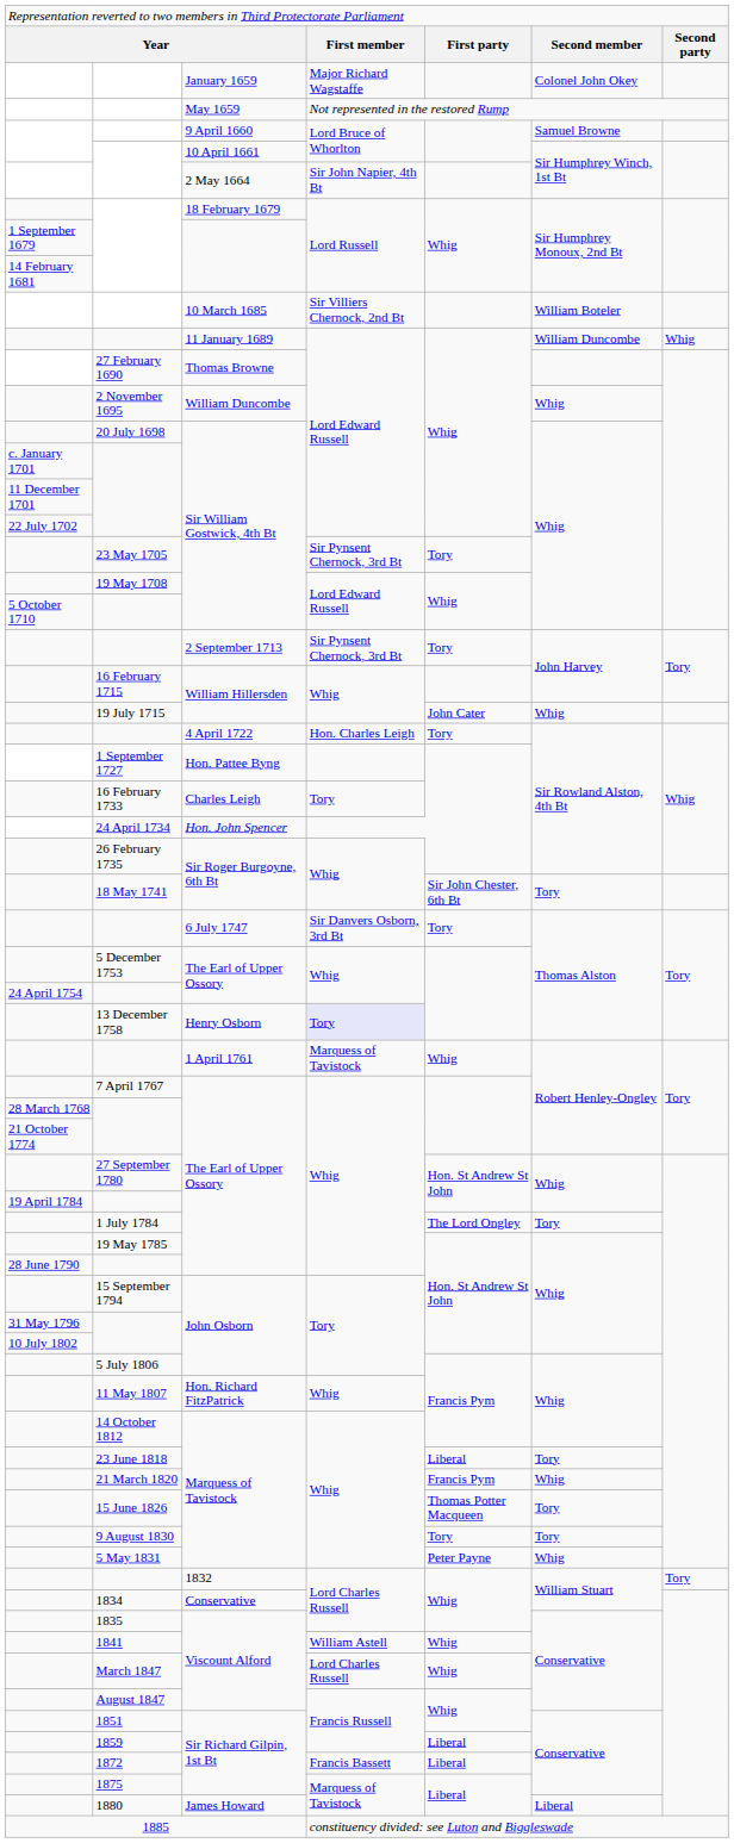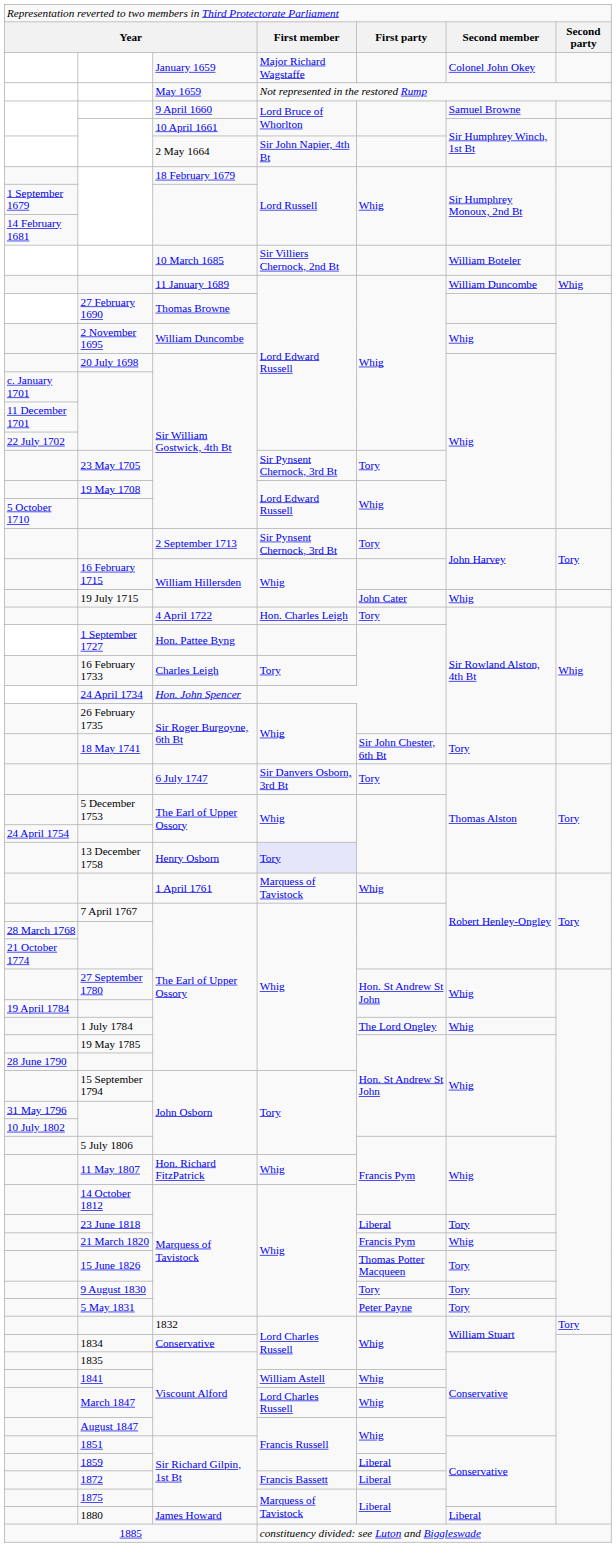 <table | class="wikitable">
 <tr>
 <td colspan="7"><em>Representation reverted to two members in <a href='#'>Third Protectorate Parliament</a></em></td>
 </tr>
 <tr>
 <th colspan="3">Year</th>
 <th>First member</th>
 <th>First party</th>
 <th>Second member</th>
 <th>Second party</th>
 </tr>
 <tr>
 <td style="color:inherit;background-color: white"></td>
 <td style="color:inherit;background-color: white"></td>
 <td><a href='#'>January 1659</a></td>
 <td><a href='#'>Major Richard Wagstaffe</a></td>
 <td></td>
 <td><a href='#'>Colonel John Okey</a></td>
 <td></td>
 </tr>
 <tr>
 <td style="color:inherit;background-color: white"></td>
 <td style="color:inherit;background-color: white"></td>
 <td><a href='#'>May 1659</a></td>
 <td colspan="4"><em>Not represented in the restored <a href='#'>Rump</a></em></td>
 </tr>
 <tr>
 <td style="color:inherit;background-color: white" rowspan="2"></td>
 <td style="color:inherit;background-color: white"></td>
 <td><a href='#'>9 April 1660</a></td>
 <td rowspan="2"><a href='#'>Lord Bruce of Whorlton</a></td>
 <td rowspan="2"></td>
 <td><a href='#'>Samuel Browne</a></td>
 <td></td>
 </tr>
 <tr>
 <td style="color:inherit;background-color: white" rowspan="2"></td>
 <td><a href='#'>10 April 1661</a></td>
 <td rowspan="2"><a href='#'>Sir Humphrey Winch, 1st Bt</a></td>
 <td rowspan="2"></td>
 </tr>
 <tr>
 <td style="color:inherit;background-color: white"></td>
 <td>2 May 1664</td>
 <td><a href='#'>Sir John Napier, 4th Bt</a></td>
 <td></td>
 </tr>
 <tr>
 <td style="color:inherit;background-color: "></td>
 <td style="color:inherit;background-color: white" rowspan="3"></td>
 <td><a href='#'>18 February 1679</a></td>
 <td rowspan="3"><a href='#'>Lord Russell</a></td>
 <td rowspan="3"><a href='#'>Whig</a></td>
 <td rowspan="3"><a href='#'>Sir Humphrey Monoux, 2nd Bt</a></td>
 <td rowspan="3"></td>
 </tr>
 <tr>
 <td><a href='#'>1 September 1679</a></td>
 </tr>
 <tr>
 <td><a href='#'>14 February 1681</a></td>
 </tr>
 <tr>
 <td style="color:inherit;background-color: white"></td>
 <td style="color:inherit;background-color: white"></td>
 <td><a href='#'>10 March 1685</a></td>
 <td><a href='#'>Sir Villiers Chernock, 2nd Bt</a></td>
 <td></td>
 <td><a href='#'>William Boteler</a></td>
 <td></td>
 </tr>
 <tr>
 <td style="color:inherit;background-color: "></td>
 <td style="color:inherit;background-color: "></td>
 <td><a href='#'>11 January 1689</a></td>
 <td rowspan="7"><a href='#'>Lord Edward Russell</a></td>
 <td rowspan="7"><a href='#'>Whig</a></td>
 <td><a href='#'>William Duncombe</a></td>
 <td><a href='#'>Whig</a></td>
 </tr>
 <tr>
 <td style="color:inherit;background-color: white"></td>
 <td><a href='#'>27 February 1690</a></td>
 <td><a href='#'>Thomas Browne</a></td>
 <td></td>
 </tr>
 <tr>
 <td style="color:inherit;background-color: "></td>
 <td><a href='#'>2 November 1695</a></td>
 <td><a href='#'>William Duncombe</a></td>
 <td><a href='#'>Whig</a></td>
 </tr>
 <tr>
 <td style="color:inherit;background-color: "></td>
 <td><a href='#'>20 July 1698</a></td>
 <td rowspan="7"><a href='#'>Sir William Gostwick, 4th Bt</a></td>
 <td rowspan="7"><a href='#'>Whig</a></td>
 </tr>
 <tr>
 <td><a href='#'>c. January 1701</a></td>
 </tr>
 <tr>
 <td><a href='#'>11 December 1701</a></td>
 </tr>
 <tr>
 <td><a href='#'>22 July 1702</a></td>
 </tr>
 <tr>
 <td style="color:inherit;background-color: "></td>
 <td><a href='#'>23 May 1705</a></td>
 <td><a href='#'>Sir Pynsent Chernock, 3rd Bt</a></td>
 <td><a href='#'>Tory</a></td>
 </tr>
 <tr>
 <td style="color:inherit;background-color: "></td>
 <td><a href='#'>19 May 1708</a></td>
 <td rowspan="2"><a href='#'>Lord Edward Russell</a></td>
 <td rowspan="2"><a href='#'>Whig</a></td>
 </tr>
 <tr>
 <td><a href='#'>5 October 1710</a></td>
 </tr>
 <tr>
 <td style="color:inherit;background-color: "></td>
 <td style="color:inherit;background-color: "></td>
 <td><a href='#'>2 September 1713</a></td>
 <td><a href='#'>Sir Pynsent Chernock, 3rd Bt</a></td>
 <td><a href='#'>Tory</a></td>
 <td rowspan="2"><a href='#'>John Harvey</a></td>
 <td rowspan="2"><a href='#'>Tory</a></td>
 </tr>
 <tr>
 <td style="color:inherit;background-color: "></td>
 <td><a href='#'>16 February 1715</a></td>
 <td rowspan="2"><a href='#'>William Hillersden</a></td>
 <td rowspan="2"><a href='#'>Whig</a></td>
 </tr>
 <tr>
 <td style="color:inherit;background-color: "></td>
 <td>19 July 1715</td>
 <td><a href='#'>John Cater</a></td>
 <td><a href='#'>Whig</a></td>
 </tr>
 <tr>
 <td style="color:inherit;background-color: "></td>
 <td style="color:inherit;background-color: "></td>
 <td><a href='#'>4 April 1722</a></td>
 <td><a href='#'>Hon. Charles Leigh</a></td>
 <td><a href='#'>Tory</a></td>
 <td rowspan="5"><a href='#'>Sir Rowland Alston, 4th Bt</a></td>
 <td rowspan="5"><a href='#'>Whig</a></td>
 </tr>
 <tr>
 <td style="color:inherit;background-color: white"></td>
 <td><a href='#'>1 September 1727</a></td>
 <td><a href='#'>Hon. Pattee Byng</a></td>
 <td></td>
 </tr>
 <tr>
 <td style="color:inherit;background-color: "></td>
 <td>16 February 1733</td>
 <td><a href='#'>Charles Leigh</a></td>
 <td><a href='#'>Tory</a></td>
 </tr>
 <tr>
 <td style="color:inherit;background-color: white"></td>
 <td><a href='#'>24 April 1734</a></td>
 <td><em><a href='#'>Hon. John Spencer</a></em></td>
 </tr>
 <tr>
 <td style="color:inherit;background-color: "></td>
 <td>26 February 1735</td>
 <td rowspan="2"><a href='#'>Sir Roger Burgoyne, 6th Bt</a></td>
 <td rowspan="2"><a href='#'>Whig</a></td>
 </tr>
 <tr>
 <td style="color:inherit;background-color: "></td>
 <td><a href='#'>18 May 1741</a></td>
 <td><a href='#'>Sir John Chester, 6th Bt</a></td>
 <td><a href='#'>Tory</a></td>
 </tr>
 <tr>
 <td style="color:inherit;background-color: "></td>
 <td style="color:inherit;background-color: "></td>
 <td><a href='#'>6 July 1747</a></td>
 <td><a href='#'>Sir Danvers Osborn, 3rd Bt</a></td>
 <td><a href='#'>Tory</a></td>
 <td rowspan="4"><a href='#'>Thomas Alston</a></td>
 <td rowspan="4"><a href='#'>Tory</a></td>
 </tr>
 <tr>
 <td style="color:inherit;background-color: "></td>
 <td>5 December 1753</td>
 <td rowspan="2"><a href='#'>The Earl of Upper Ossory</a></td>
 <td rowspan="2"><a href='#'>Whig</a></td>
 </tr>
 <tr>
 <td><a href='#'>24 April 1754</a></td>
 </tr>
 <tr>
 <td style="color:inherit;background-color: "></td>
 <td>13 December 1758</td>
 <td><a href='#'>Henry Osborn</a></td>
 <td style="background: lavender;"><a href='#'>Tory</a></td>
 </tr>
 <tr>
 <td style="color:inherit;background-color: "></td>
 <td style="color:inherit;background-color: "></td>
 <td><a href='#'>1 April 1761</a></td>
 <td><a href='#'>Marquess of Tavistock</a></td>
 <td><a href='#'>Whig</a></td>
 <td rowspan="4"><a href='#'>Robert Henley-Ongley</a></td>
 <td rowspan="4"><a href='#'>Tory</a></td>
 </tr>
 <tr>
 <td style="color:inherit;background-color: "></td>
 <td>7 April 1767</td>
 <td rowspan="8"><a href='#'>The Earl of Upper Ossory</a></td>
 <td rowspan="8"><a href='#'>Whig</a></td>
 </tr>
 <tr>
 <td><a href='#'>28 March 1768</a></td>
 </tr>
 <tr>
 <td><a href='#'>21 October 1774</a></td>
 </tr>
 <tr>
 <td style="color:inherit;background-color: "></td>
 <td><a href='#'>27 September 1780</a></td>
 <td rowspan="2"><a href='#'>Hon. St Andrew St John</a></td>
 <td rowspan="2"><a href='#'>Whig</a></td>
 </tr>
 <tr>
 <td><a href='#'>19 April 1784</a></td>
 </tr>
 <tr>
 <td style="color:inherit;background-color: "></td>
 <td>1 July 1784</td>
 <td><a href='#'>The Lord Ongley</a></td>
-<td><a href='#'>Tory</a></td>
+<td><a href='#'>Whig</a></td>
 </tr>
 <tr>
 <td style="color:inherit;background-color: "></td>
 <td>19 May 1785</td>
 <td rowspan="5"><a href='#'>Hon. St Andrew St John</a></td>
 <td rowspan="5"><a href='#'>Whig</a></td>
 </tr>
 <tr>
 <td><a href='#'>28 June 1790</a></td>
 </tr>
 <tr>
 <td style="color:inherit;background-color: "></td>
 <td>15 September 1794</td>
 <td rowspan="4"><a href='#'>John Osborn</a></td>
 <td rowspan="4"><a href='#'>Tory</a></td>
 </tr>
 <tr>
 <td><a href='#'>31 May 1796</a></td>
 </tr>
 <tr>
 <td><a href='#'>10 July 1802</a></td>
 </tr>
 <tr>
 <td style="color:inherit;background-color: "></td>
 <td>5 July 1806</td>
 <td rowspan="3"><a href='#'>Francis Pym</a></td>
 <td rowspan="3"><a href='#'>Whig</a></td>
 </tr>
 <tr>
 <td style="color:inherit;background-color: "></td>
 <td><a href='#'>11 May 1807</a></td>
 <td><a href='#'>Hon. Richard FitzPatrick</a></td>
 <td><a href='#'>Whig</a></td>
 </tr>
 <tr>
 <td style="color:inherit;background-color: "></td>
 <td><a href='#'>14 October 1812</a></td>
 <td rowspan="6"><a href='#'>Marquess of Tavistock</a></td>
 <td rowspan="6"><a href='#'>Whig</a></td>
 </tr>
 <tr>
 <td style="color:inherit;background-color: "></td>
 <td><a href='#'>23 June 1818</a></td>
 <td><a href='#'>Liberal</a></td>
 <td><a href='#'>Tory</a></td>
 </tr>
 <tr>
 <td style="color:inherit;background-color: "></td>
 <td><a href='#'>21 March 1820</a></td>
 <td><a href='#'>Francis Pym</a></td>
 <td><a href='#'>Whig</a></td>
 </tr>
 <tr>
 <td style="color:inherit;background-color: "></td>
 <td><a href='#'>15 June 1826</a></td>
 <td><a href='#'>Thomas Potter Macqueen</a></td>
 <td><a href='#'>Tory</a></td>
 </tr>
 <tr>
 <td style="color:inherit;background-color: "></td>
 <td><a href='#'>9 August 1830</a></td>
 <td><a href='#'>Tory</a></td>
 <td><a href='#'>Tory</a></td>
 </tr>
 <tr>
 <td style="color:inherit;background-color: "></td>
 <td><a href='#'>5 May 1831</a></td>
 <td><a href='#'>Peter Payne</a></td>
-<td><a href='#'>Whig</a></td>
+<td><a href='#'>Tory</a></td>
 </tr>
 <tr>
 <td style="color:inherit;background-color: "></td>
 <td style="color:inherit;background-color: "></td>
 <td>1832</td>
 <td rowspan="3"><a href='#'>Lord Charles Russell</a></td>
 <td rowspan="3"><a href='#'>Whig</a></td>
 <td rowspan="2"><a href='#'>William Stuart</a></td>
 <td><a href='#'>Tory</a></td>
 </tr>
 <tr>
 <td style="color:inherit;background-color: "></td>
 <td>1834</td>
 <td><a href='#'>Conservative</a></td>
 </tr>
 <tr>
 <td style="color:inherit;background-color: "></td>
 <td>1835</td>
 <td rowspan="4"><a href='#'>Viscount Alford</a></td>
 <td rowspan="4"><a href='#'>Conservative</a></td>
 </tr>
 <tr>
 <td style="color:inherit;background-color: "></td>
 <td><a href='#'>1841</a></td>
 <td><a href='#'>William Astell</a></td>
 <td><a href='#'>Whig</a></td>
 </tr>
 <tr>
 <td style="color:inherit;background-color: "></td>
 <td><a href='#'>March 1847</a></td>
 <td><a href='#'>Lord Charles Russell</a></td>
 <td><a href='#'>Whig</a></td>
 </tr>
 <tr>
 <td style="color:inherit;background-color: "></td>
 <td><a href='#'>August 1847</a></td>
 <td rowspan="3"><a href='#'>Francis Russell</a></td>
 <td rowspan="2"><a href='#'>Whig</a></td>
 </tr>
 <tr>
 <td style="color:inherit;background-color: "></td>
 <td><a href='#'>1851</a></td>
 <td rowspan="4"><a href='#'>Sir Richard Gilpin, 1st Bt</a></td>
 <td rowspan="4"><a href='#'>Conservative</a></td>
 </tr>
 <tr>
 <td style="color:inherit;background-color: "></td>
 <td><a href='#'>1859</a></td>
 <td><a href='#'>Liberal</a></td>
 </tr>
 <tr>
 <td style="color:inherit;background-color: "></td>
 <td><a href='#'>1872</a></td>
 <td><a href='#'>Francis Bassett</a></td>
 <td><a href='#'>Liberal</a></td>
 </tr>
 <tr>
 <td style="color:inherit;background-color: "></td>
 <td><a href='#'>1875</a></td>
 <td rowspan="2"><a href='#'>Marquess of Tavistock</a></td>
 <td rowspan="2"><a href='#'>Liberal</a></td>
 </tr>
 <tr>
 <td style="color:inherit;background-color: "></td>
 <td>1880</td>
 <td><a href='#'>James Howard</a></td>
 <td><a href='#'>Liberal</a></td>
 </tr>
 <tr>
 <td colspan="3" align="center"><a href='#'>1885</a></td>
 <td colspan="4"><em>constituency divided: see <a href='#'>Luton</a> and <a href='#'>Biggleswade</a></em></td>
 </tr>
 </table>
